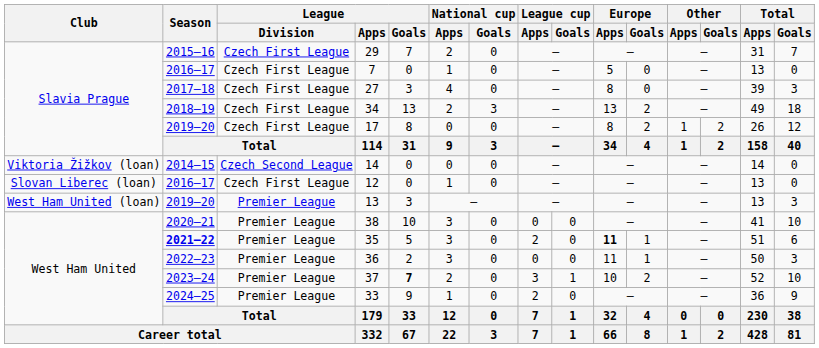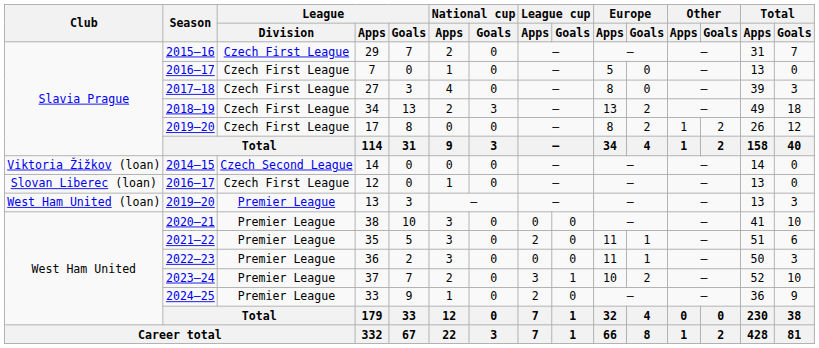 <table class="wikitable" style="text-align:center">
 <tr>
 <th rowspan="2">Club</th>
 <th rowspan="2">Season</th>
 <th colspan="3">League</th>
 <th colspan="2">National cup</th>
 <th colspan="2">League cup</th>
 <th colspan="2">Europe</th>
 <th colspan="2">Other</th>
 <th colspan="2">Total</th>
 </tr>
 <tr>
 <th>Division</th>
 <th>Apps</th>
 <th>Goals</th>
 <th>Apps</th>
 <th>Goals</th>
 <th>Apps</th>
 <th>Goals</th>
 <th>Apps</th>
 <th>Goals</th>
 <th>Apps</th>
 <th>Goals</th>
 <th>Apps</th>
 <th>Goals</th>
 </tr>
 <tr>
 <td rowspan="6"><a href='#'>Slavia Prague</a></td>
 <td><a href='#'>2015–16</a></td>
 <td><a href='#'>Czech First League</a></td>
 <td>29</td>
 <td>7</td>
 <td>2</td>
 <td>0</td>
 <td colspan="2">—</td>
 <td colspan="2">—</td>
 <td colspan="2">—</td>
 <td>31</td>
 <td>7</td>
 </tr>
 <tr>
 <td><a href='#'>2016–17</a></td>
 <td>Czech First League</td>
 <td>7</td>
 <td>0</td>
 <td>1</td>
 <td>0</td>
 <td colspan="2">—</td>
 <td>5</td>
 <td>0</td>
 <td colspan="2">—</td>
 <td>13</td>
 <td>0</td>
 </tr>
 <tr>
 <td><a href='#'>2017–18</a></td>
 <td>Czech First League</td>
 <td>27</td>
 <td>3</td>
 <td>4</td>
 <td>0</td>
 <td colspan="2">—</td>
 <td>8</td>
 <td>0</td>
 <td colspan="2">—</td>
 <td>39</td>
 <td>3</td>
 </tr>
 <tr>
 <td><a href='#'>2018–19</a></td>
 <td>Czech First League</td>
 <td>34</td>
 <td>13</td>
 <td>2</td>
 <td>3</td>
 <td colspan="2">—</td>
 <td>13</td>
 <td>2</td>
 <td colspan="2">—</td>
 <td>49</td>
 <td>18</td>
 </tr>
 <tr>
 <td><a href='#'>2019–20</a></td>
 <td>Czech First League</td>
 <td>17</td>
 <td>8</td>
 <td>0</td>
 <td>0</td>
 <td colspan="2">—</td>
 <td>8</td>
 <td>2</td>
 <td>1</td>
 <td>2</td>
 <td>26</td>
 <td>12</td>
 </tr>
 <tr>
 <th colspan="2">Total</th>
 <th>114</th>
 <th>31</th>
 <th>9</th>
 <th>3</th>
 <th colspan="2">—</th>
 <th>34</th>
 <th>4</th>
 <th>1</th>
 <th>2</th>
 <th>158</th>
 <th>40</th>
 </tr>
 <tr>
 <td><a href='#'>Viktoria Žižkov</a> (loan)</td>
 <td><a href='#'>2014–15</a></td>
 <td><a href='#'>Czech Second League</a></td>
 <td>14</td>
 <td>0</td>
 <td>0</td>
 <td>0</td>
 <td colspan="2">—</td>
 <td colspan="2">—</td>
 <td colspan="2">—</td>
 <td>14</td>
 <td>0</td>
 </tr>
 <tr>
 <td><a href='#'>Slovan Liberec</a> (loan)</td>
 <td><a href='#'>2016–17</a></td>
 <td>Czech First League</td>
 <td>12</td>
 <td>0</td>
 <td>1</td>
 <td>0</td>
 <td colspan="2">—</td>
 <td colspan="2">—</td>
 <td colspan="2">—</td>
 <td>13</td>
 <td>0</td>
 </tr>
 <tr>
 <td><a href='#'>West Ham United</a> (loan)</td>
 <td><a href='#'>2019–20</a></td>
 <td><a href='#'>Premier League</a></td>
 <td>13</td>
 <td>3</td>
 <td colspan="2">—</td>
 <td colspan="2">—</td>
 <td colspan="2">—</td>
 <td colspan="2">—</td>
 <td>13</td>
 <td>3</td>
 </tr>
 <tr>
 <td rowspan="6">West Ham United</td>
 <td><a href='#'>2020–21</a></td>
 <td>Premier League</td>
 <td>38</td>
 <td>10</td>
 <td>3</td>
 <td>0</td>
 <td>0</td>
 <td>0</td>
 <td colspan="2">—</td>
 <td colspan="2">—</td>
 <td>41</td>
 <td>10</td>
 </tr>
 <tr>
-<td><strong><a href='#'>2021–22</a></strong></td>
+<td><a href='#'>2021–22</a></td>
 <td>Premier League</td>
 <td>35</td>
 <td>5</td>
 <td>3</td>
 <td>0</td>
 <td>2</td>
 <td>0</td>
-<td><strong>11</strong></td>
+<td>11</td>
 <td>1</td>
 <td colspan="2">—</td>
 <td>51</td>
 <td>6</td>
 </tr>
 <tr>
 <td><a href='#'>2022–23</a></td>
 <td>Premier League</td>
 <td>36</td>
 <td>2</td>
 <td>3</td>
 <td>0</td>
 <td>0</td>
 <td>0</td>
 <td>11</td>
 <td>1</td>
 <td colspan="2">—</td>
 <td>50</td>
 <td>3</td>
 </tr>
 <tr>
 <td><a href='#'>2023–24</a></td>
 <td>Premier League</td>
 <td>37</td>
-<td><strong>7</strong></td>
+<td>7</td>
 <td>2</td>
 <td>0</td>
 <td>3</td>
 <td>1</td>
 <td>10</td>
 <td>2</td>
 <td colspan="2">—</td>
 <td>52</td>
 <td>10</td>
 </tr>
 <tr>
 <td><a href='#'>2024–25</a></td>
 <td>Premier League</td>
 <td>33</td>
 <td>9</td>
 <td>1</td>
 <td>0</td>
 <td>2</td>
 <td>0</td>
 <td colspan="2">—</td>
 <td colspan="2">—</td>
 <td>36</td>
 <td>9</td>
 </tr>
 <tr>
 <th colspan="2">Total</th>
 <th>179</th>
 <th>33</th>
 <th>12</th>
 <th>0</th>
 <th>7</th>
 <th>1</th>
 <th>32</th>
 <th>4</th>
 <th>0</th>
 <th>0</th>
 <th>230</th>
 <th>38</th>
 </tr>
 <tr>
 <th colspan="3">Career total</th>
 <th>332</th>
 <th>67</th>
 <th>22</th>
 <th>3</th>
 <th>7</th>
 <th>1</th>
 <th>66</th>
 <th>8</th>
 <th>1</th>
 <th>2</th>
 <th>428</th>
 <th>81</th>
 </tr>
 </table>
